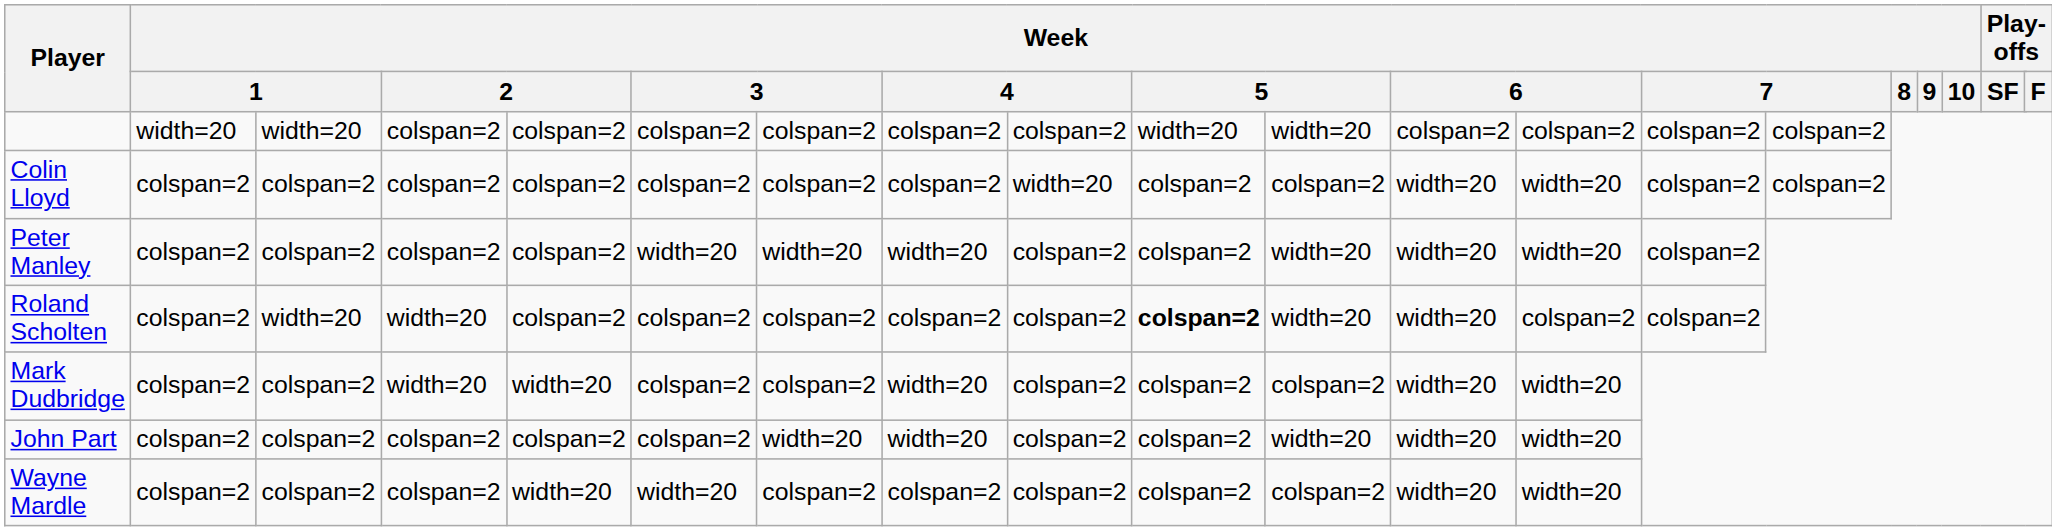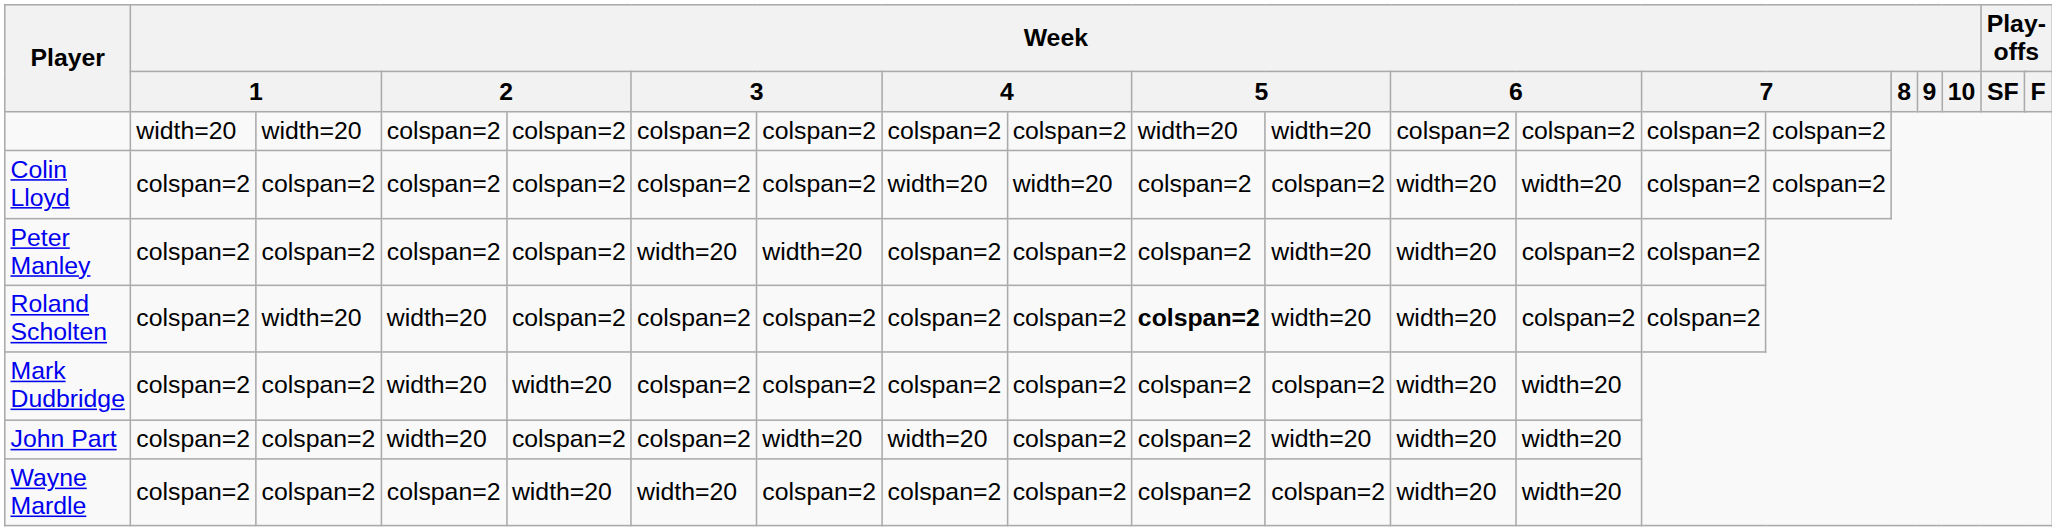 <table class="wikitable">
 <tr>
 <th rowspan=2>Player</th>
 <th colspan=20>Week</th>
 <th colspan=4>Play-offs</th>
 </tr>
 <tr>
 <th colspan=2 width=40>1</th>
 <th colspan=2 width=40>2</th>
 <th colspan=2 width=40>3</th>
 <th colspan=2 width=40>4</th>
 <th colspan=2 width=40>5</th>
 <th colspan=2 width=40>6</th>
 <th colspan=2 width=40>7</th>
 <th colspan=2 width=40>8</th>
 <th colspan=2 width=40>9</th>
 <th colspan=2 width=40>10</th>
 <th colspan=2 width=40>SF</th>
 <th colspan=2 width=40>F</th>
 </tr>
 <tr>
 <td> </td>
 <td>width=20 </td>
 <td>width=20 </td>
 <td>colspan=2 </td>
 <td>colspan=2 </td>
 <td>colspan=2 </td>
 <td>colspan=2 </td>
 <td>colspan=2 </td>
 <td>colspan=2 </td>
 <td>width=20 </td>
 <td>width=20 </td>
 <td>colspan=2 </td>
 <td>colspan=2 </td>
 <td>colspan=2 </td>
 <td>colspan=2 </td>
 </tr>
 <tr>
 <td> <a href='#'>Colin Lloyd</a></td>
 <td>colspan=2 </td>
 <td>colspan=2 </td>
 <td>colspan=2 </td>
 <td>colspan=2 </td>
 <td>colspan=2 </td>
 <td>colspan=2 </td>
-<td>colspan=2 </td>
+<td>width=20 </td>
 <td>width=20 </td>
 <td>colspan=2 </td>
 <td>colspan=2 </td>
 <td>width=20 </td>
 <td>width=20 </td>
 <td>colspan=2 </td>
 <td>colspan=2 </td>
 </tr>
 <tr>
 <td> <a href='#'>Peter Manley</a></td>
 <td>colspan=2 </td>
 <td>colspan=2 </td>
 <td>colspan=2 </td>
 <td>colspan=2 </td>
 <td>width=20 </td>
 <td>width=20 </td>
-<td>width=20 </td>
+<td>colspan=2 </td>
 <td>colspan=2 </td>
 <td>colspan=2 </td>
 <td>width=20 </td>
 <td>width=20 </td>
-<td>width=20 </td>
+<td>colspan=2 </td>
 <td>colspan=2 </td>
 </tr>
 <tr>
 <td> <a href='#'>Roland Scholten</a></td>
 <td>colspan=2 </td>
 <td>width=20 </td>
 <td>width=20 </td>
 <td>colspan=2 </td>
 <td>colspan=2 </td>
 <td>colspan=2 </td>
 <td>colspan=2 </td>
 <td>colspan=2 </td>
 <td><strong>colspan=2 </strong></td>
 <td>width=20 </td>
 <td>width=20 </td>
 <td>colspan=2 </td>
 <td>colspan=2 </td>
 </tr>
 <tr>
 <td> <a href='#'>Mark Dudbridge</a></td>
 <td>colspan=2 </td>
 <td>colspan=2 </td>
 <td>width=20 </td>
 <td>width=20 </td>
 <td>colspan=2 </td>
 <td>colspan=2 </td>
-<td>width=20 </td>
+<td>colspan=2 </td>
 <td>colspan=2 </td>
 <td>colspan=2 </td>
 <td>colspan=2 </td>
 <td>width=20 </td>
 <td>width=20 </td>
 </tr>
 <tr>
 <td> <a href='#'>John Part</a></td>
 <td>colspan=2 </td>
 <td>colspan=2 </td>
-<td>colspan=2 </td>
+<td>width=20 </td>
 <td>colspan=2 </td>
 <td>colspan=2 </td>
 <td>width=20 </td>
 <td>width=20 </td>
 <td>colspan=2 </td>
 <td>colspan=2 </td>
 <td>width=20 </td>
 <td>width=20 </td>
 <td>width=20 </td>
 </tr>
 <tr>
 <td> <a href='#'>Wayne Mardle</a></td>
 <td>colspan=2 </td>
 <td>colspan=2 </td>
 <td>colspan=2 </td>
 <td>width=20 </td>
 <td>width=20 </td>
 <td>colspan=2 </td>
 <td>colspan=2 </td>
 <td>colspan=2 </td>
 <td>colspan=2 </td>
 <td>colspan=2 </td>
 <td>width=20 </td>
 <td>width=20 </td>
 </tr>
 </table>
